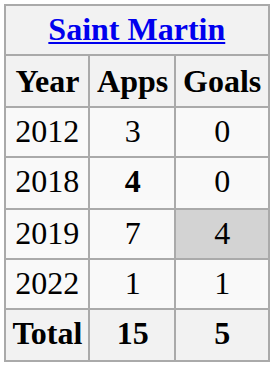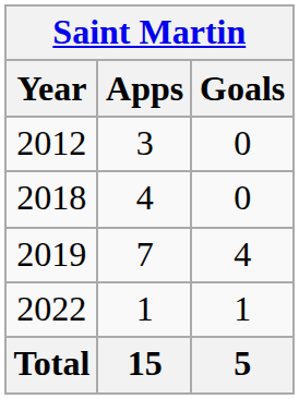 <table class="wikitable" style="text-align:center">
 <tr>
 <th colspan=3><a href='#'>Saint Martin</a></th>
 </tr>
 <tr>
 <th>Year</th>
 <th>Apps</th>
 <th>Goals</th>
 </tr>
 <tr>
 <td>2012</td>
 <td>3</td>
 <td>0</td>
 </tr>
 <tr>
 <td>2018</td>
-<td><strong>4</strong></td>
+<td>4</td>
 <td>0</td>
 </tr>
 <tr>
 <td>2019</td>
 <td>7</td>
-<td style="background: lightgrey;">4</td>
+<td>4</td>
 </tr>
 <tr>
 <td>2022</td>
 <td>1</td>
 <td>1</td>
 </tr>
 <tr>
 <th>Total</th>
 <th>15</th>
 <th>5</th>
 </tr>
 </table>
